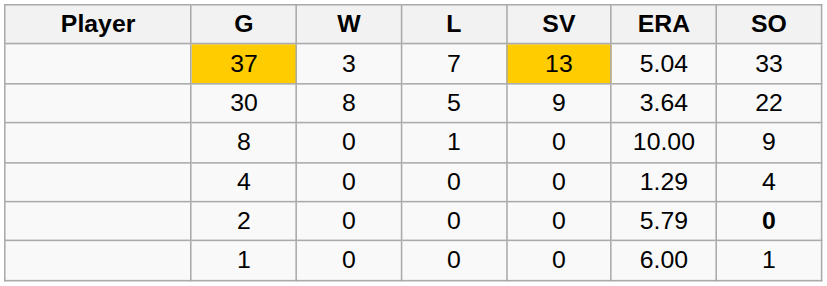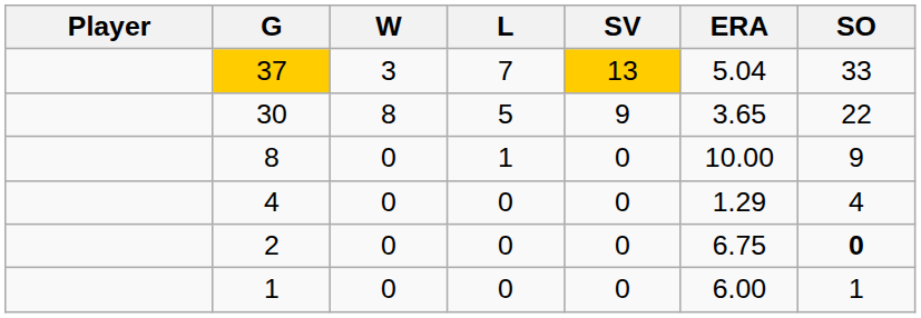 <table class="wikitable sortable">
 <tr>
 <th bgcolor="#DDDDFF" width="16%">Player</th>
 <th bgcolor="#DDDDFF" width="9%">G</th>
 <th bgcolor="#DDDDFF" width="9%">W</th>
 <th bgcolor="#DDDDFF" width="9%">L</th>
 <th bgcolor="#DDDDFF" width="9%">SV</th>
 <th bgcolor="#DDDDFF" width="9%">ERA</th>
 <th bgcolor="#DDDDFF" width="9%">SO</th>
 </tr>
 <tr align="center">
 <td></td>
 <td style="background:#fc0;">37</td>
 <td>3</td>
 <td>7</td>
 <td style="background:#fc0;">13</td>
 <td>5.04</td>
 <td>33</td>
 </tr>
 <tr align="center">
 <td></td>
 <td>30</td>
 <td>8</td>
 <td>5</td>
 <td>9</td>
-<td>3.64</td>
+<td>3.65</td>
 <td>22</td>
 </tr>
 <tr align="center">
 <td></td>
 <td>8</td>
 <td>0</td>
 <td>1</td>
 <td>0</td>
 <td>10.00</td>
 <td>9</td>
 </tr>
 <tr align="center">
 <td></td>
 <td>4</td>
 <td>0</td>
 <td>0</td>
 <td>0</td>
 <td>1.29</td>
 <td>4</td>
 </tr>
 <tr align="center">
 <td></td>
 <td>2</td>
 <td>0</td>
 <td>0</td>
 <td>0</td>
-<td>5.79</td>
+<td>6.75</td>
 <td><strong>0</strong></td>
 </tr>
 <tr align="center">
 <td></td>
 <td>1</td>
 <td>0</td>
 <td>0</td>
 <td>0</td>
 <td>6.00</td>
 <td>1</td>
 </tr>
 </table>
